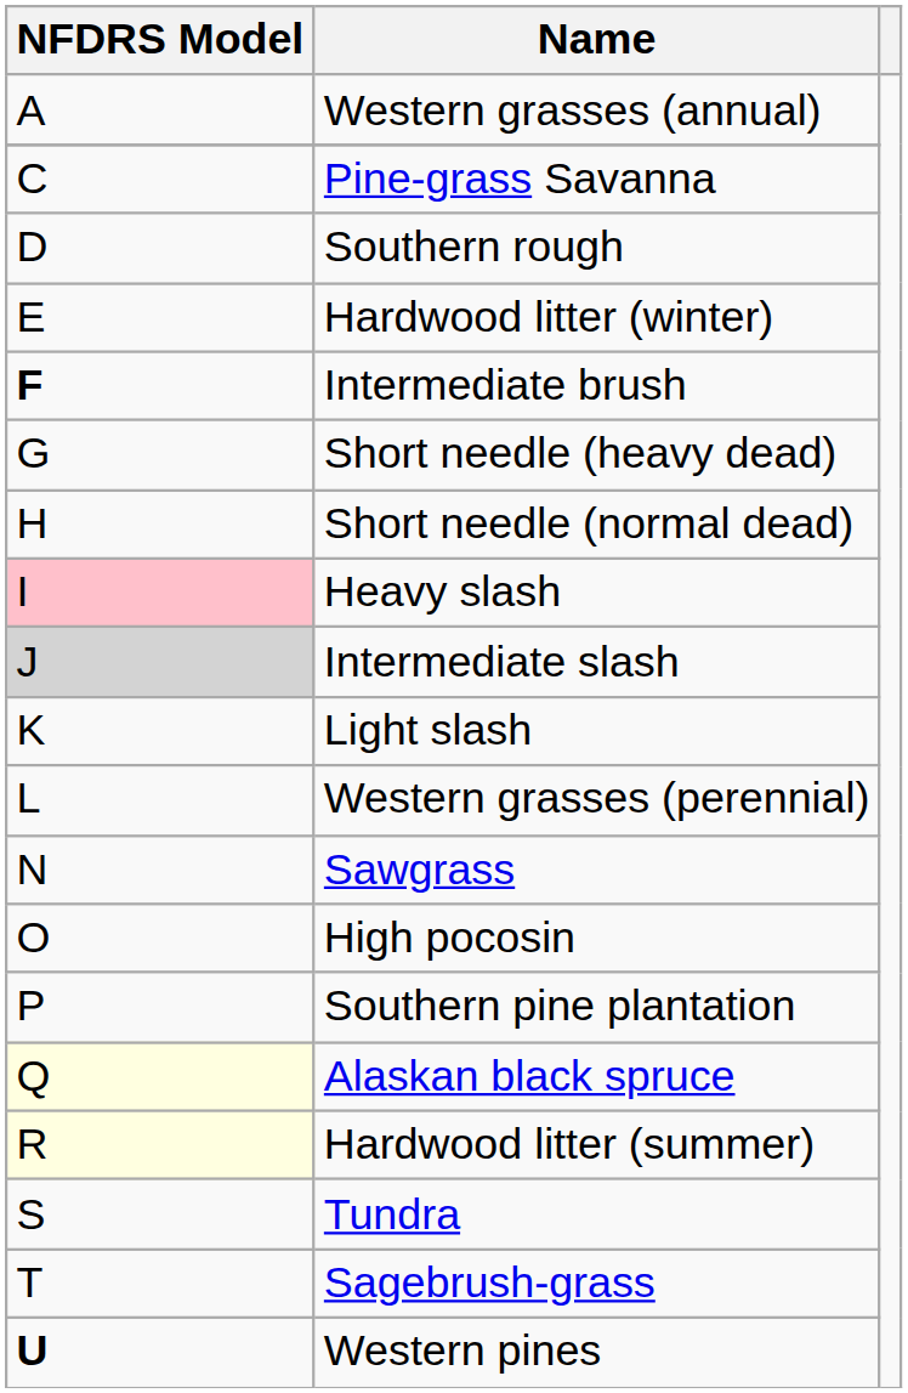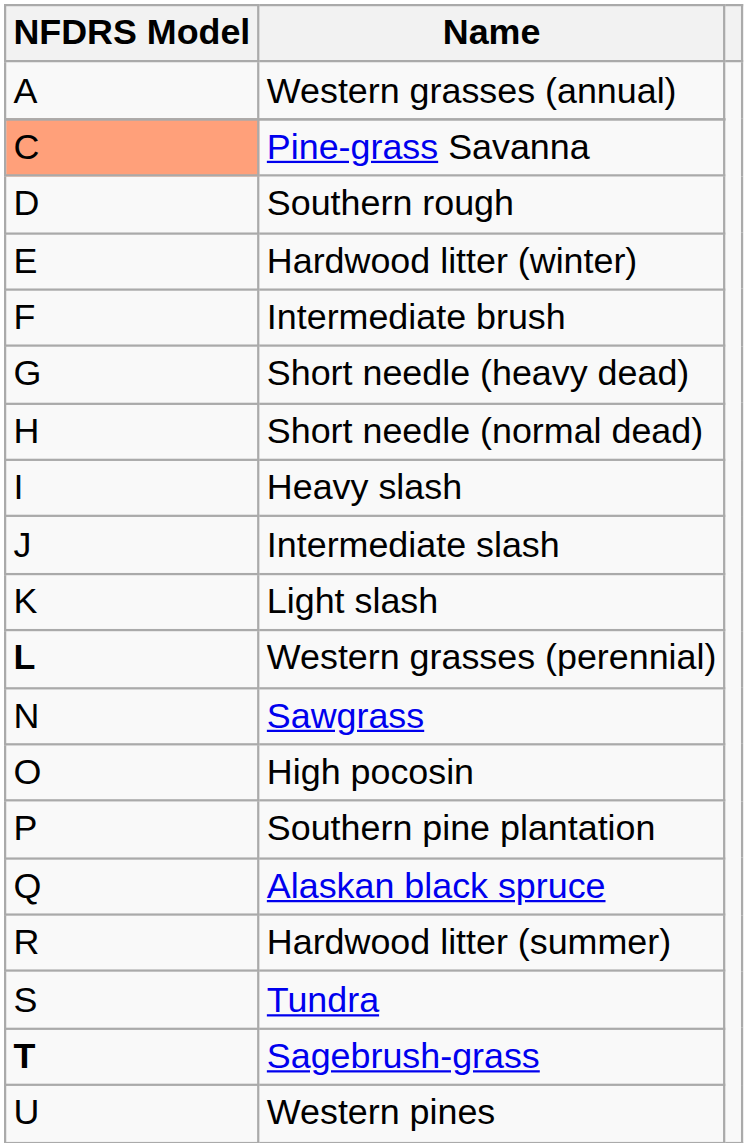 <table class="wikitable">
 <tr>
 <th>NFDRS Model</th>
 <th>Name</th>
 <th></th>
 </tr>
 <tr>
 <td>A</td>
 <td>Western grasses (annual)</td>
 </tr>
 <tr | B || California Chaparral>
 </tr>
 <tr>
-<td>C</td>
+<td style="background: lightsalmon;">C</td>
 <td><a href='#'>Pine-grass</a> Savanna</td>
 </tr>
 <tr>
 <td>D</td>
 <td>Southern rough</td>
 </tr>
 <tr>
 <td>E</td>
 <td>Hardwood litter (winter)</td>
 </tr>
 <tr>
-<td><strong>F</strong></td>
+<td>F</td>
 <td>Intermediate brush</td>
 </tr>
 <tr>
 <td>G</td>
 <td>Short needle (heavy dead)</td>
 </tr>
 <tr>
 <td>H</td>
 <td>Short needle (normal dead)</td>
 </tr>
 <tr>
-<td style="background: pink;">I</td>
+<td>I</td>
 <td>Heavy slash</td>
 </tr>
 <tr>
-<td style="background: lightgrey;">J</td>
+<td>J</td>
 <td>Intermediate slash</td>
 </tr>
 <tr>
 <td>K</td>
 <td>Light slash</td>
 </tr>
 <tr>
-<td>L</td>
+<td><strong>L</strong></td>
 <td>Western grasses (perennial)</td>
 </tr>
 <tr>
 <td>N</td>
 <td><a href='#'>Sawgrass</a></td>
 </tr>
 <tr>
 <td>O</td>
 <td>High pocosin</td>
 </tr>
 <tr>
 <td>P</td>
 <td>Southern pine plantation</td>
 </tr>
 <tr>
-<td style="background: lightyellow;">Q</td>
+<td>Q</td>
 <td><a href='#'>Alaskan black spruce</a></td>
 </tr>
 <tr>
-<td style="background: lightyellow;">R</td>
+<td>R</td>
 <td>Hardwood litter (summer)</td>
 </tr>
 <tr>
 <td>S</td>
 <td><a href='#'>Tundra</a></td>
 </tr>
 <tr>
-<td>T</td>
+<td><strong>T</strong></td>
 <td><a href='#'>Sagebrush-grass</a></td>
 </tr>
 <tr>
-<td><strong>U</strong></td>
+<td>U</td>
 <td>Western pines</td>
 </tr>
 </table>
